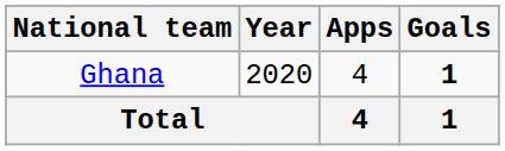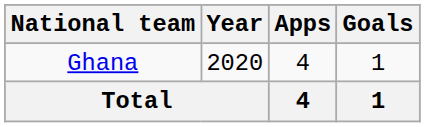 <table class="wikitable" style="text-align:center">
 <tr>
 <th>National team</th>
 <th>Year</th>
 <th>Apps</th>
 <th>Goals</th>
 </tr>
 <tr>
 <td><a href='#'>Ghana</a></td>
 <td>2020</td>
 <td>4</td>
-<td><strong>1</strong></td>
+<td>1</td>
 </tr>
 <tr>
 <th colspan="2">Total</th>
 <th>4</th>
 <th>1</th>
 </tr>
 </table>
